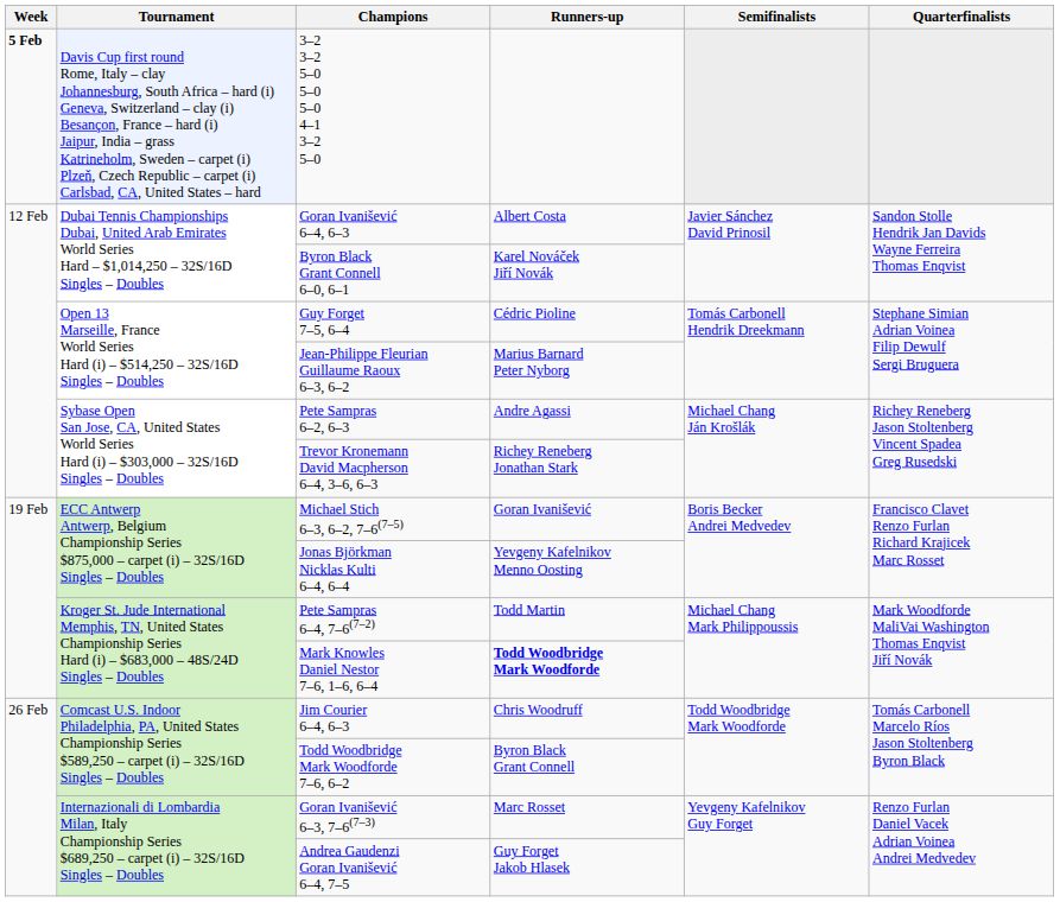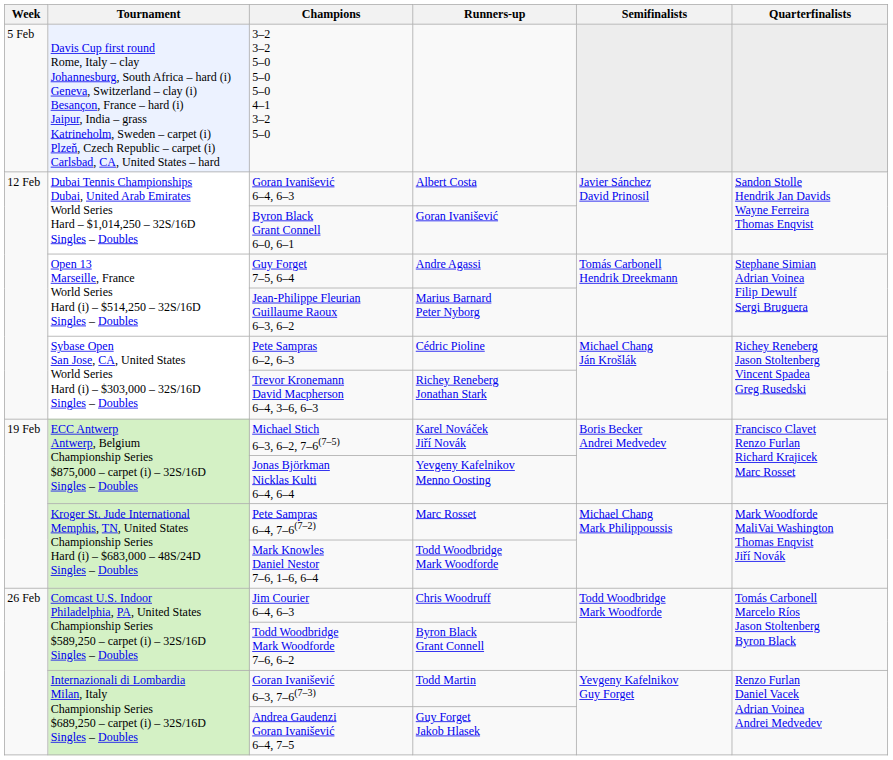 <table class=wikitable style=font-size:95%>
 <tr>
 <th style="width:48px;">Week</th>
 <th style="width:248px;">Tournament</th>
 <th style="width:200px;">Champions</th>
 <th style="width:200px;">Runners-up</th>
 <th style="width:190px;">Semifinalists</th>
 <th style="width:190px;">Quarterfinalists</th>
 </tr>
 <tr valign=top>
-<td rowspan=1><strong>5 Feb</strong></td>
+<td rowspan=1>5 Feb</td>
 <td style="background:#ECF2FF;" rowspan=1><br><a href='#'>Davis Cup first round</a><br> Rome, Italy – clay <br> <a href='#'>Johannesburg</a>, South Africa – hard (i)<br> <a href='#'>Geneva</a>, Switzerland – clay (i)<br> <a href='#'>Besançon</a>, France – hard (i)<br> <a href='#'>Jaipur</a>, India – grass<br> <a href='#'>Katrineholm</a>, Sweden – carpet (i)<br> <a href='#'>Plzeň</a>, Czech Republic – carpet (i)<br> <a href='#'>Carlsbad</a>, <a href='#'>CA</a>, United States – hard</td>
 <td> 3–2<br> 3–2<br> 5–0<br> 5–0<br> 5–0<br> 4–1<br> 3–2<br> 5–0</td>
 <td><br><br><br><br><br><br><br></td>
 <td style="background:#ededed;"></td>
 <td style="background:#ededed;"></td>
 </tr>
 <tr valign=top>
 <td rowspan=6>12 Feb</td>
 <td style="background:#FFF;" rowspan=2><a href='#'>Dubai Tennis Championships</a><br> <a href='#'>Dubai</a>, <a href='#'>United Arab Emirates</a><br>World Series<br>Hard – $1,014,250 – 32S/16D<br><a href='#'>Singles</a> – <a href='#'>Doubles</a></td>
 <td> <a href='#'>Goran Ivanišević</a><br> 6–4, 6–3</td>
 <td> <a href='#'>Albert Costa</a></td>
 <td rowspan=2> <a href='#'>Javier Sánchez</a><br> <a href='#'>David Prinosil</a></td>
 <td rowspan=2> <a href='#'>Sandon Stolle</a><br> <a href='#'>Hendrik Jan Davids</a><br> <a href='#'>Wayne Ferreira</a><br> <a href='#'>Thomas Enqvist</a></td>
 </tr>
 <tr valign=top>
 <td> <a href='#'>Byron Black</a><br> <a href='#'>Grant Connell</a><br> 6–0, 6–1</td>
-<td> <a href='#'>Karel Nováček</a><br> <a href='#'>Jiří Novák</a></td>
+<td> <a href='#'>Goran Ivanišević</a></td>
 </tr>
 <tr valign=top>
 <td style="background:#FFF;" rowspan=2><a href='#'>Open 13</a><br> <a href='#'>Marseille</a>, France<br>World Series<br>Hard (i) – $514,250 – 32S/16D<br><a href='#'>Singles</a> – <a href='#'>Doubles</a></td>
 <td> <a href='#'>Guy Forget</a><br> 7–5, 6–4</td>
-<td> <a href='#'>Cédric Pioline</a></td>
+<td> <a href='#'>Andre Agassi</a></td>
 <td rowspan=2> <a href='#'>Tomás Carbonell</a><br> <a href='#'>Hendrik Dreekmann</a></td>
 <td rowspan=2> <a href='#'>Stephane Simian</a><br> <a href='#'>Adrian Voinea</a><br> <a href='#'>Filip Dewulf</a><br> <a href='#'>Sergi Bruguera</a></td>
 </tr>
 <tr valign=top>
 <td> <a href='#'>Jean-Philippe Fleurian</a><br> <a href='#'>Guillaume Raoux</a><br> 6–3, 6–2</td>
 <td> <a href='#'>Marius Barnard</a><br> <a href='#'>Peter Nyborg</a></td>
 </tr>
 <tr valign=top>
 <td style="background:#FFF;" rowspan=2><a href='#'>Sybase Open</a><br> <a href='#'>San Jose</a>, <a href='#'>CA</a>, United States<br>World Series<br>Hard (i) – $303,000 – 32S/16D<br><a href='#'>Singles</a> – <a href='#'>Doubles</a></td>
 <td> <a href='#'>Pete Sampras</a><br> 6–2, 6–3</td>
-<td> <a href='#'>Andre Agassi</a></td>
+<td> <a href='#'>Cédric Pioline</a></td>
 <td rowspan=2> <a href='#'>Michael Chang</a><br> <a href='#'>Ján Krošlák</a></td>
 <td rowspan=2> <a href='#'>Richey Reneberg</a><br> <a href='#'>Jason Stoltenberg</a><br> <a href='#'>Vincent Spadea</a><br> <a href='#'>Greg Rusedski</a></td>
 </tr>
 <tr valign=top>
 <td> <a href='#'>Trevor Kronemann</a><br> <a href='#'>David Macpherson</a><br>6–4, 3–6, 6–3</td>
 <td> <a href='#'>Richey Reneberg</a><br> <a href='#'>Jonathan Stark</a></td>
 </tr>
 <tr valign=top>
 <td rowspan=4>19 Feb</td>
 <td style="background:#D4F1C5;" rowspan=2><a href='#'>ECC Antwerp</a><br> <a href='#'>Antwerp</a>, Belgium<br>Championship Series<br>$875,000 – carpet (i) – 32S/16D<br><a href='#'>Singles</a> – <a href='#'>Doubles</a></td>
 <td> <a href='#'>Michael Stich</a><br> 6–3, 6–2, 7–6<sup>(7–5)</sup></td>
-<td> <a href='#'>Goran Ivanišević</a></td>
+<td> <a href='#'>Karel Nováček</a><br> <a href='#'>Jiří Novák</a></td>
 <td rowspan=2> <a href='#'>Boris Becker</a><br> <a href='#'>Andrei Medvedev</a></td>
 <td rowspan=2> <a href='#'>Francisco Clavet</a><br> <a href='#'>Renzo Furlan</a><br> <a href='#'>Richard Krajicek</a><br> <a href='#'>Marc Rosset</a></td>
 </tr>
 <tr valign=top>
 <td> <a href='#'>Jonas Björkman</a><br> <a href='#'>Nicklas Kulti</a><br> 6–4, 6–4</td>
 <td> <a href='#'>Yevgeny Kafelnikov</a><br> <a href='#'>Menno Oosting</a></td>
 </tr>
 <tr valign=top>
 <td style="background:#D4F1C5;" rowspan=2><a href='#'>Kroger St. Jude International</a><br> <a href='#'>Memphis</a>, <a href='#'>TN</a>, United States<br>Championship Series<br>Hard (i) – $683,000 – 48S/24D<br><a href='#'>Singles</a> – <a href='#'>Doubles</a></td>
 <td> <a href='#'>Pete Sampras</a><br> 6–4, 7–6<sup>(7–2)</sup></td>
-<td> <a href='#'>Todd Martin</a></td>
+<td> <a href='#'>Marc Rosset</a></td>
 <td rowspan=2> <a href='#'>Michael Chang</a><br> <a href='#'>Mark Philippoussis</a></td>
 <td rowspan=2> <a href='#'>Mark Woodforde</a><br> <a href='#'>MaliVai Washington</a><br> <a href='#'>Thomas Enqvist</a><br> <a href='#'>Jiří Novák</a></td>
 </tr>
 <tr valign=top>
 <td> <a href='#'>Mark Knowles</a><br> <a href='#'>Daniel Nestor</a><br> 7–6, 1–6, 6–4</td>
-<td><strong> <a href='#'>Todd Woodbridge</a><br> <a href='#'>Mark Woodforde</a></strong></td>
+<td> <a href='#'>Todd Woodbridge</a><br> <a href='#'>Mark Woodforde</a></td>
 </tr>
 <tr valign=top>
 <td rowspan=4>26 Feb</td>
 <td style="background:#D4F1C5;" rowspan=2><a href='#'>Comcast U.S. Indoor</a><br> <a href='#'>Philadelphia</a>, <a href='#'>PA</a>, United States<br>Championship Series<br>$589,250 – carpet (i) – 32S/16D<br><a href='#'>Singles</a> – <a href='#'>Doubles</a></td>
 <td> <a href='#'>Jim Courier</a><br> 6–4, 6–3</td>
 <td> <a href='#'>Chris Woodruff</a></td>
 <td rowspan=2> <a href='#'>Todd Woodbridge</a><br> <a href='#'>Mark Woodforde</a></td>
 <td rowspan=2> <a href='#'>Tomás Carbonell</a><br> <a href='#'>Marcelo Ríos</a><br> <a href='#'>Jason Stoltenberg</a><br> <a href='#'>Byron Black</a></td>
 </tr>
 <tr valign=top>
 <td> <a href='#'>Todd Woodbridge</a><br> <a href='#'>Mark Woodforde</a><br> 7–6, 6–2</td>
 <td> <a href='#'>Byron Black</a><br> <a href='#'>Grant Connell</a></td>
 </tr>
 <tr valign=top>
 <td style="background:#D4F1C5;" rowspan=2><a href='#'>Internazionali di Lombardia</a><br> <a href='#'>Milan</a>, Italy<br>Championship Series<br>$689,250 – carpet (i) – 32S/16D<br><a href='#'>Singles</a> – <a href='#'>Doubles</a></td>
 <td> <a href='#'>Goran Ivanišević</a><br> 6–3, 7–6<sup>(7–3)</sup></td>
-<td> <a href='#'>Marc Rosset</a></td>
+<td> <a href='#'>Todd Martin</a></td>
 <td rowspan=2> <a href='#'>Yevgeny Kafelnikov</a><br> <a href='#'>Guy Forget</a></td>
 <td rowspan=2> <a href='#'>Renzo Furlan</a><br> <a href='#'>Daniel Vacek</a><br> <a href='#'>Adrian Voinea</a><br> <a href='#'>Andrei Medvedev</a></td>
 </tr>
 <tr valign=top>
 <td> <a href='#'>Andrea Gaudenzi</a><br> <a href='#'>Goran Ivanišević</a><br> 6–4, 7–5</td>
 <td> <a href='#'>Guy Forget</a><br> <a href='#'>Jakob Hlasek</a></td>
 </tr>
 </table>
